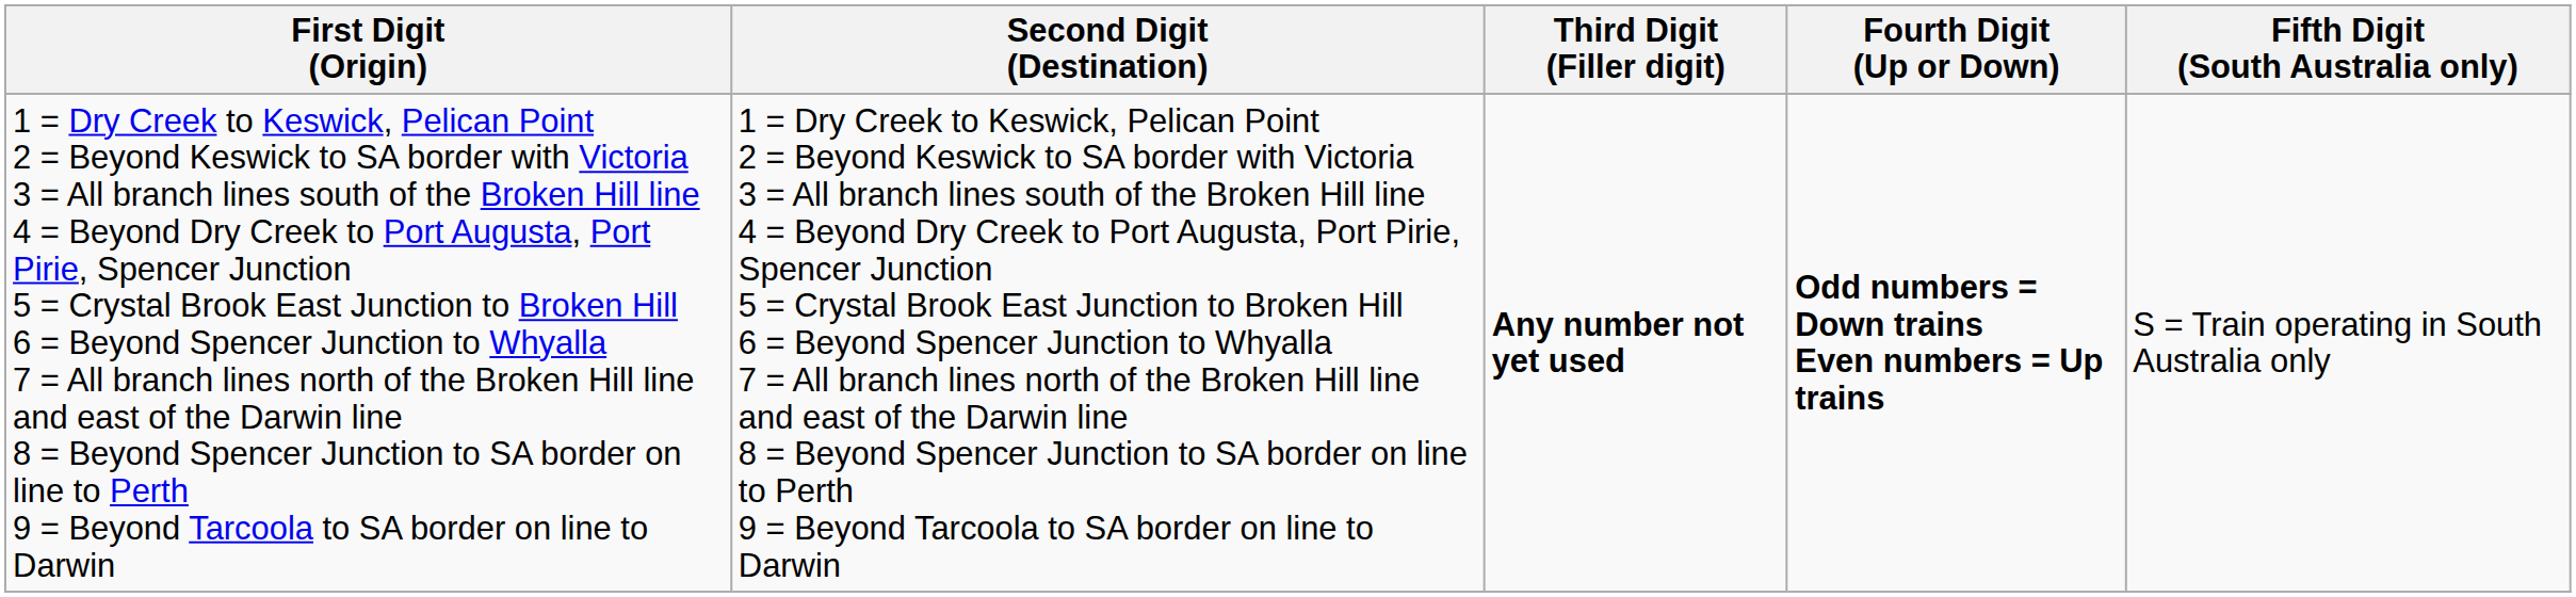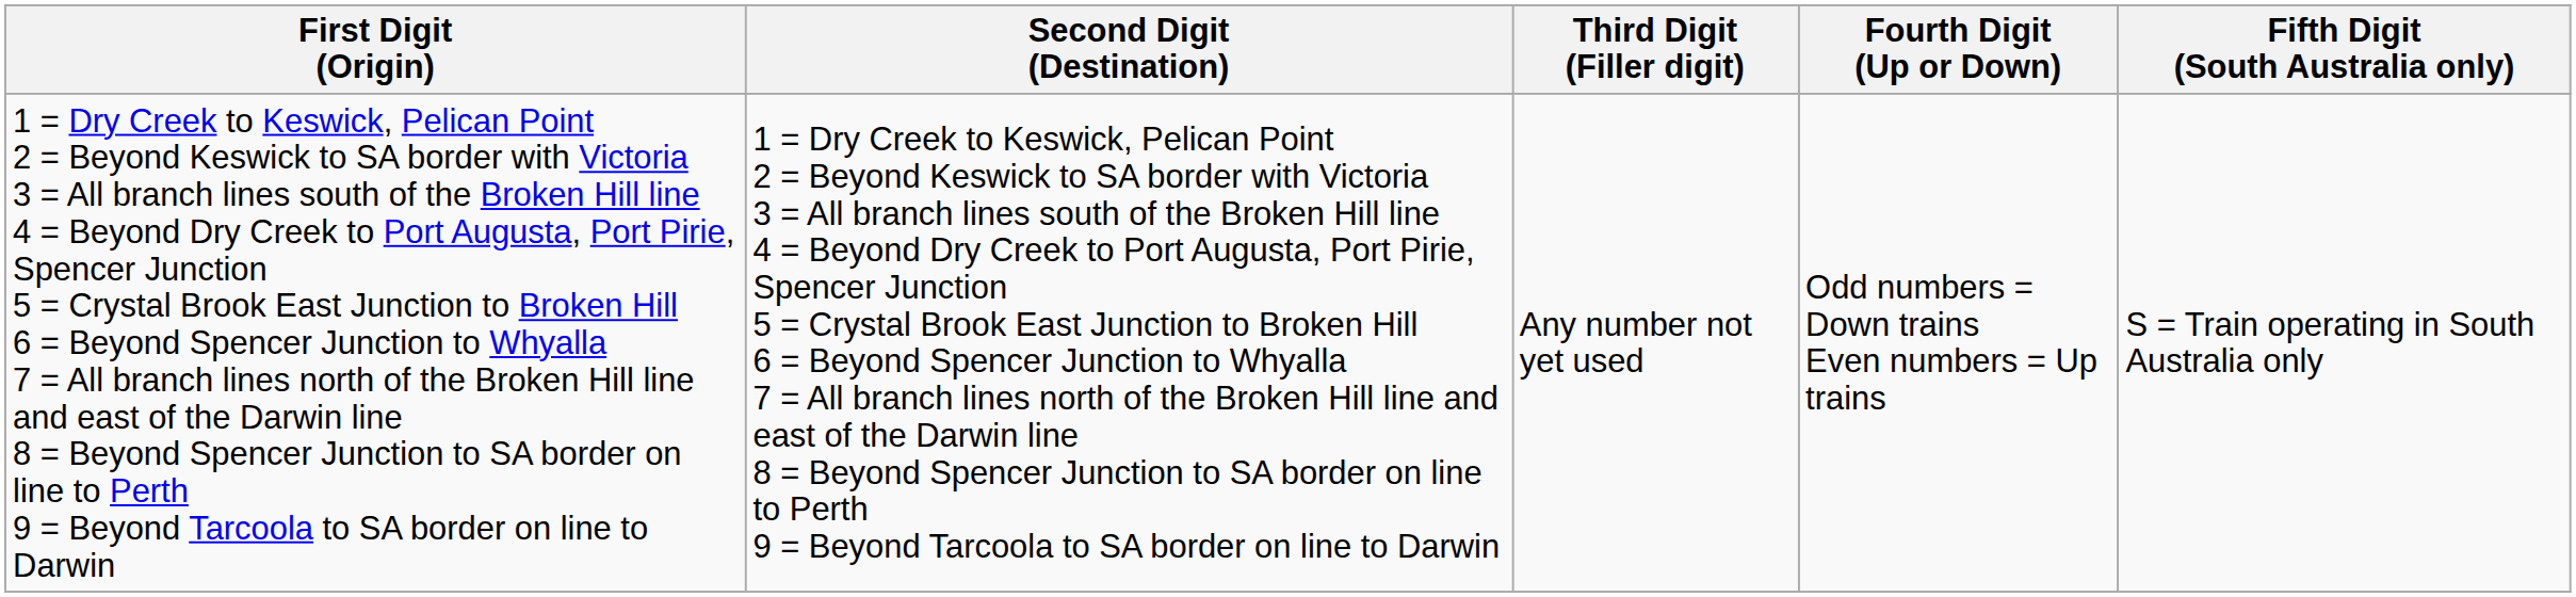 <table class="wikitable">
 <tr>
 <th>First Digit<br>(Origin)</th>
 <th>Second Digit<br>(Destination)</th>
 <th>Third Digit<br>(Filler digit)</th>
 <th>Fourth Digit<br>(Up or Down)</th>
 <th>Fifth Digit<br>(South Australia only)</th>
 </tr>
 <tr>
 <td>1 = <a href='#'>Dry Creek</a> to <a href='#'>Keswick</a>, <a href='#'>Pelican Point</a><br>2 = Beyond Keswick to SA border with <a href='#'>Victoria</a><br>3 = All branch lines south of the <a href='#'>Broken Hill line</a><br>4 = Beyond Dry Creek to <a href='#'>Port Augusta</a>, <a href='#'>Port Pirie</a>, Spencer Junction<br>5 = Crystal Brook East Junction to <a href='#'>Broken Hill</a><br>6 = Beyond Spencer Junction to <a href='#'>Whyalla</a><br>7 = All branch lines north of the Broken Hill line and east of the Darwin line<br>8 = Beyond Spencer Junction to SA border on line to <a href='#'>Perth</a><br>9 = Beyond <a href='#'>Tarcoola</a> to SA border on line to Darwin</td>
 <td>1 = Dry Creek to Keswick, Pelican Point<br>2 = Beyond Keswick to SA border with Victoria<br>3 = All branch lines south of the Broken Hill line<br>4 = Beyond Dry Creek to Port Augusta, Port Pirie, Spencer Junction<br>5 = Crystal Brook East Junction to Broken Hill<br>6 = Beyond Spencer Junction to Whyalla<br>7 = All branch lines north of the Broken Hill line and east of the Darwin line<br>8 = Beyond Spencer Junction to SA border on line to Perth <br>9 = Beyond Tarcoola to SA border on line to Darwin</td>
-<td><strong>Any number not yet used</strong></td>
-<td><strong>Odd numbers = Down trains<br>Even numbers = Up trains</strong></td>
+<td>Any number not yet used</td>
+<td>Odd numbers = Down trains<br>Even numbers = Up trains</td>
 <td>S = Train operating in South Australia only</td>
 </tr>
 </table>
